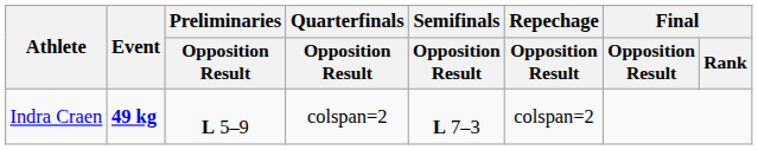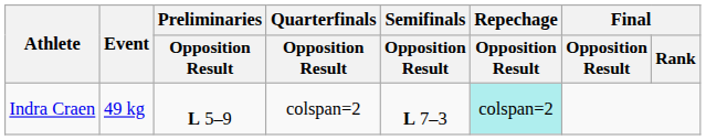 <table class="wikitable" style="font-size:90%;">
 <tr>
 <th rowspan=2>Athlete</th>
 <th rowspan=2>Event</th>
 <th>Preliminaries</th>
 <th>Quarterfinals</th>
 <th>Semifinals</th>
 <th>Repechage</th>
 <th colspan=2>Final</th>
 </tr>
 <tr style="font-size:95%">
 <th>Opposition<br>Result</th>
 <th>Opposition<br>Result</th>
 <th>Opposition<br>Result</th>
 <th>Opposition<br>Result</th>
 <th>Opposition<br>Result</th>
 <th>Rank</th>
 </tr>
 <tr align=center>
 <td align=left><a href='#'>Indra Craen</a></td>
-<td align=left><strong><a href='#'>49 kg</a></strong></td>
+<td align=left><a href='#'>49 kg</a></td>
 <td><br><strong>L</strong> 5–9 </td>
 <td>colspan=2 </td>
 <td><br><strong>L</strong> 7–3 </td>
-<td>colspan=2 </td>
+<td style="background: paleturquoise;">colspan=2 </td>
 </tr>
 </table>
